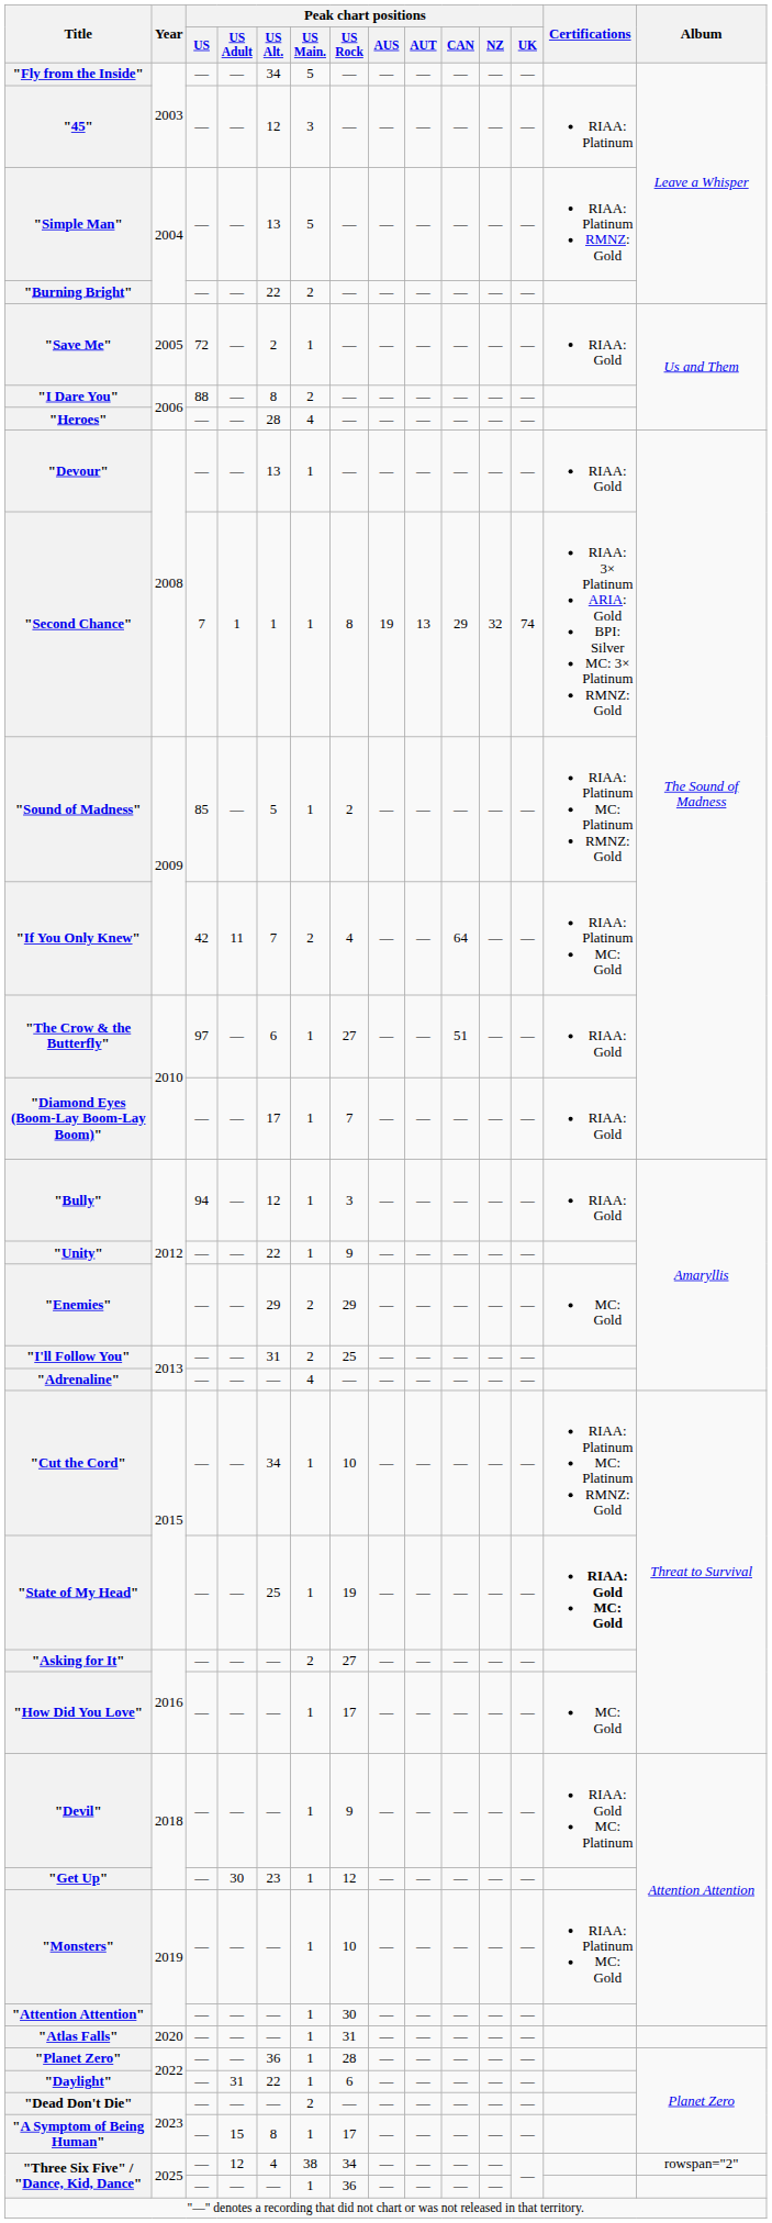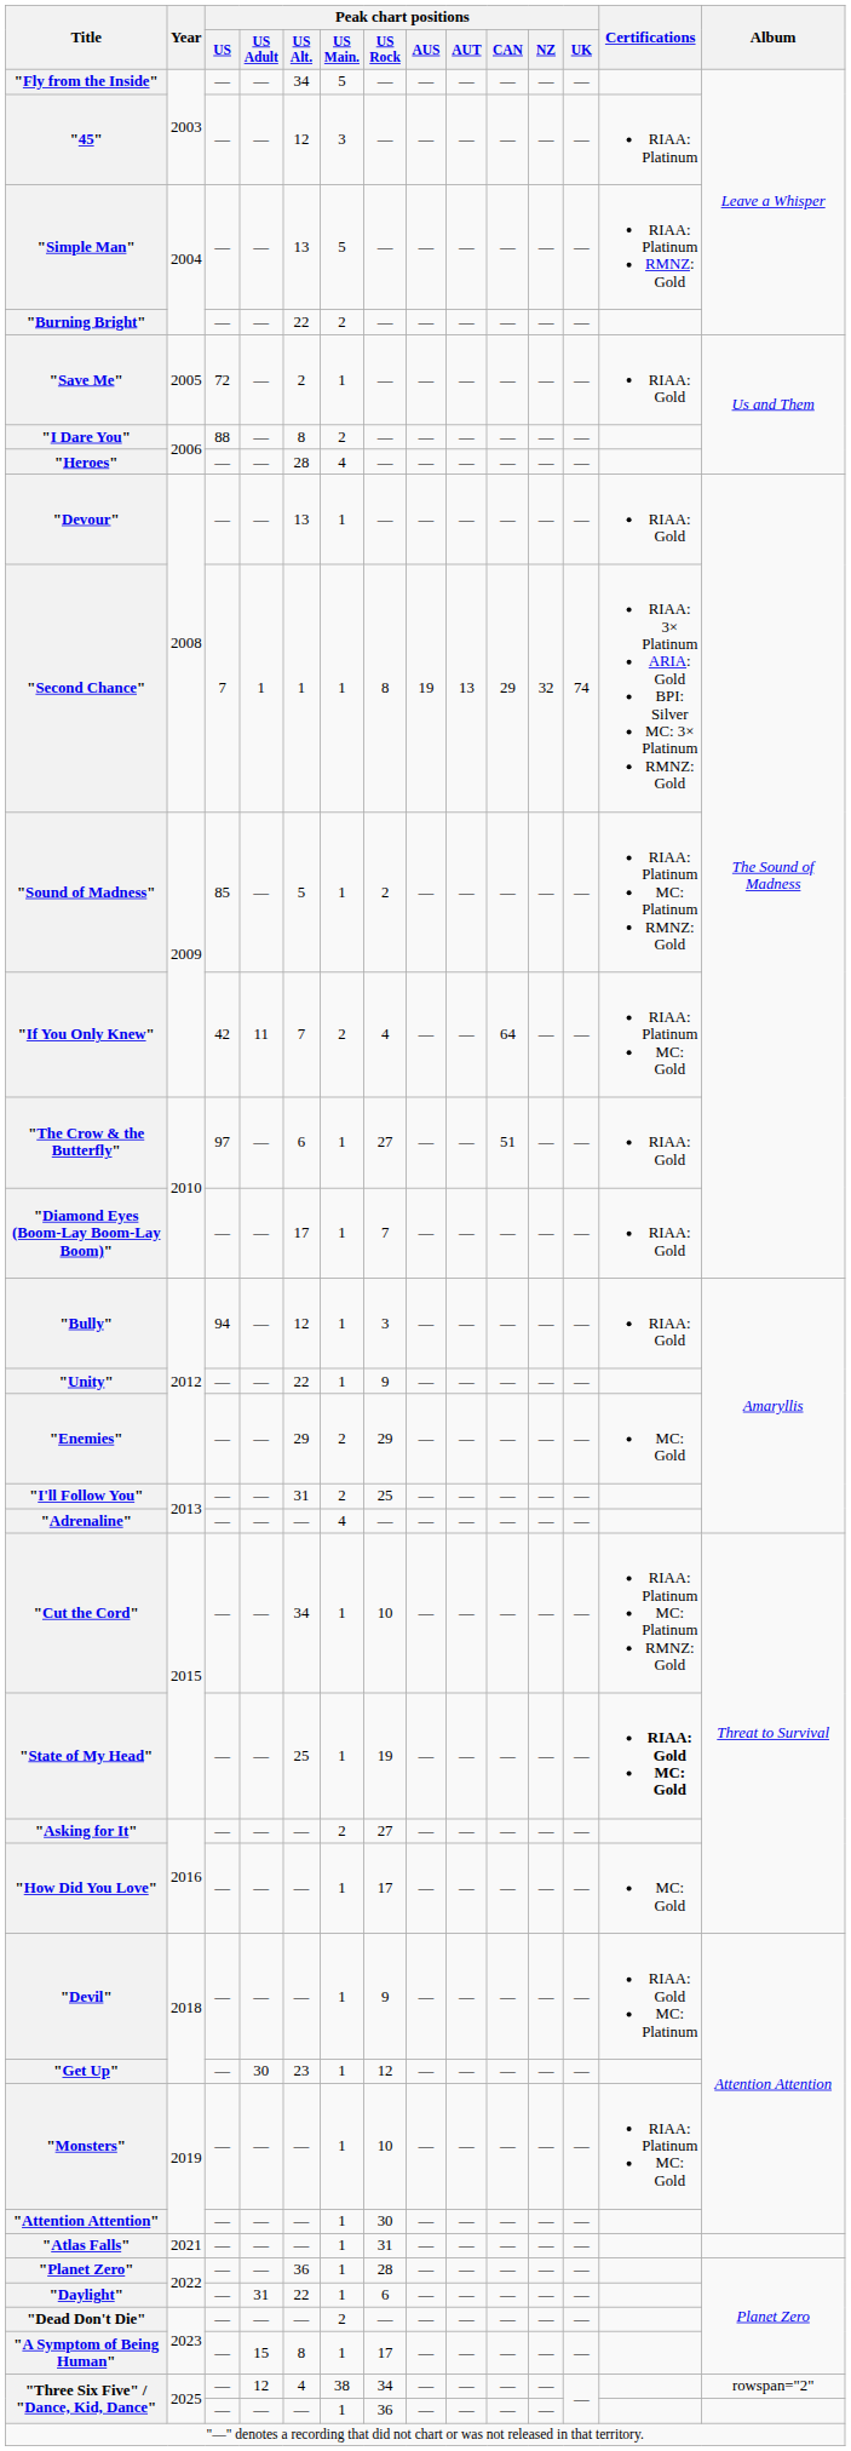 <table class="wikitable plainrowheaders" style="text-align:center;">
 <tr>
 <th scope="col" rowspan="2" style="width:16em;">Title</th>
 <th scope="col" rowspan="2" style="width:1em;">Year</th>
 <th scope="col" colspan="10">Peak chart positions</th>
 <th scope="col" rowspan="2"><a href='#'>Certifications</a></th>
 <th scope="col" rowspan="2" style="width:14em;">Album</th>
 </tr>
 <tr>
 <th scope="col" style="width:3em;font-size:90%;"><a href='#'>US</a><br></th>
 <th scope="col" style="width:3em;font-size:90%;"><a href='#'>US<br>Adult</a><br></th>
 <th scope="col" style="width:3em;font-size:90%;"><a href='#'>US<br>Alt.</a><br></th>
 <th scope="col" style="width:3em;font-size:90%;"><a href='#'>US<br>Main.</a><br></th>
 <th scope="col" style="width:3em;font-size:90%;"><a href='#'>US<br>Rock</a><br></th>
 <th scope="col" style="width:3em;font-size:90%;"><a href='#'>AUS</a><br></th>
 <th scope="col" style="width:3em;font-size:90%;"><a href='#'>AUT</a><br></th>
 <th scope="col" style="width:3em;font-size:90%;"><a href='#'>CAN</a><br></th>
 <th scope="col" style="width:3em;font-size:90%;"><a href='#'>NZ</a><br></th>
 <th scope="col" style="width:3em;font-size:90%;"><a href='#'>UK</a><br></th>
 </tr>
 <tr>
 <th scope="row">"<a href='#'>Fly from the Inside</a>"</th>
 <td rowspan="2">2003</td>
 <td>—</td>
 <td>—</td>
 <td>34</td>
 <td>5</td>
 <td>—</td>
 <td>—</td>
 <td>—</td>
 <td>—</td>
 <td>—</td>
 <td>—</td>
 <td></td>
 <td rowspan="4"><em><a href='#'>Leave a Whisper</a></em></td>
 </tr>
 <tr>
 <th scope="row">"<a href='#'>45</a>"</th>
 <td>—</td>
 <td>—</td>
 <td>12</td>
 <td>3</td>
 <td>—</td>
 <td>—</td>
 <td>—</td>
 <td>—</td>
 <td>—</td>
 <td>—</td>
 <td><br><ul><li>RIAA: Platinum</li></ul></td>
 </tr>
 <tr>
 <th scope="row">"<a href='#'>Simple Man</a>"</th>
 <td rowspan="2">2004</td>
 <td>—</td>
 <td>—</td>
 <td>13</td>
 <td>5</td>
 <td>—</td>
 <td>—</td>
 <td>—</td>
 <td>—</td>
 <td>—</td>
 <td>—</td>
 <td><br><ul><li>RIAA: Platinum</li><li><a href='#'>RMNZ</a>: Gold</li></ul></td>
 </tr>
 <tr>
 <th scope="row">"<a href='#'>Burning Bright</a>"</th>
 <td>—</td>
 <td>—</td>
 <td>22</td>
 <td>2</td>
 <td>—</td>
 <td>—</td>
 <td>—</td>
 <td>—</td>
 <td>—</td>
 <td>—</td>
 <td></td>
 </tr>
 <tr>
 <th scope="row">"<a href='#'>Save Me</a>"</th>
 <td>2005</td>
 <td>72</td>
 <td>—</td>
 <td>2</td>
 <td>1</td>
 <td>—</td>
 <td>—</td>
 <td>—</td>
 <td>—</td>
 <td>—</td>
 <td>—</td>
 <td><br><ul><li>RIAA: Gold</li></ul></td>
 <td rowspan="3"><em><a href='#'>Us and Them</a></em></td>
 </tr>
 <tr>
 <th scope="row">"<a href='#'>I Dare You</a>"</th>
 <td rowspan="2">2006</td>
 <td>88</td>
 <td>—</td>
 <td>8</td>
 <td>2</td>
 <td>—</td>
 <td>—</td>
 <td>—</td>
 <td>—</td>
 <td>—</td>
 <td>—</td>
 <td></td>
 </tr>
 <tr>
 <th scope="row">"<a href='#'>Heroes</a>"</th>
 <td>—</td>
 <td>—</td>
 <td>28</td>
 <td>4</td>
 <td>—</td>
 <td>—</td>
 <td>—</td>
 <td>—</td>
 <td>—</td>
 <td>—</td>
 <td></td>
 </tr>
 <tr>
 <th scope="row">"<a href='#'>Devour</a>"</th>
 <td rowspan="2">2008</td>
 <td>—</td>
 <td>—</td>
 <td>13</td>
 <td>1</td>
 <td>—</td>
 <td>—</td>
 <td>—</td>
 <td>—</td>
 <td>—</td>
 <td>—</td>
 <td><br><ul><li>RIAA: Gold</li></ul></td>
 <td rowspan="6"><em><a href='#'>The Sound of Madness</a></em></td>
 </tr>
 <tr>
 <th scope="row">"<a href='#'>Second Chance</a>"</th>
 <td>7</td>
 <td>1</td>
 <td>1</td>
 <td>1</td>
 <td>8</td>
 <td>19</td>
 <td>13</td>
 <td>29</td>
 <td>32</td>
 <td>74</td>
 <td><br><ul><li>RIAA: 3× Platinum</li><li><a href='#'>ARIA</a>: Gold</li><li>BPI: Silver</li><li>MC: 3× Platinum</li><li>RMNZ: Gold</li></ul></td>
 </tr>
 <tr>
 <th scope="row">"<a href='#'>Sound of Madness</a>"</th>
 <td rowspan="2">2009</td>
 <td>85</td>
 <td>—</td>
 <td>5</td>
 <td>1</td>
 <td>2</td>
 <td>—</td>
 <td>—</td>
 <td>—</td>
 <td>—</td>
 <td>—</td>
 <td><br><ul><li>RIAA: Platinum</li><li>MC: Platinum</li><li>RMNZ: Gold</li></ul></td>
 </tr>
 <tr>
 <th scope="row">"<a href='#'>If You Only Knew</a>"</th>
 <td>42</td>
 <td>11</td>
 <td>7</td>
 <td>2</td>
 <td>4</td>
 <td>—</td>
 <td>—</td>
 <td>64</td>
 <td>—</td>
 <td>—</td>
 <td><br><ul><li>RIAA: Platinum</li><li>MC: Gold</li></ul></td>
 </tr>
 <tr>
 <th scope="row">"<a href='#'>The Crow & the Butterfly</a>"</th>
 <td rowspan="2">2010</td>
 <td>97</td>
 <td>—</td>
 <td>6</td>
 <td>1</td>
 <td>27</td>
 <td>—</td>
 <td>—</td>
 <td>51</td>
 <td>—</td>
 <td>—</td>
 <td><br><ul><li>RIAA: Gold</li></ul></td>
 </tr>
 <tr>
 <th scope="row">"<a href='#'>Diamond Eyes (Boom-Lay Boom-Lay Boom)</a>"</th>
 <td>—</td>
 <td>—</td>
 <td>17</td>
 <td>1</td>
 <td>7</td>
 <td>—</td>
 <td>—</td>
 <td>—</td>
 <td>—</td>
 <td>—</td>
 <td><br><ul><li>RIAA: Gold</li></ul></td>
 </tr>
 <tr>
 <th scope="row">"<a href='#'>Bully</a>"</th>
 <td rowspan="3">2012</td>
 <td>94</td>
 <td>—</td>
 <td>12</td>
 <td>1</td>
 <td>3</td>
 <td>—</td>
 <td>—</td>
 <td>—</td>
 <td>—</td>
 <td>—</td>
 <td><br><ul><li>RIAA: Gold</li></ul></td>
 <td rowspan="5"><em><a href='#'>Amaryllis</a></em></td>
 </tr>
 <tr>
 <th scope="row">"<a href='#'>Unity</a>"</th>
 <td>—</td>
 <td>—</td>
 <td>22</td>
 <td>1</td>
 <td>9</td>
 <td>—</td>
 <td>—</td>
 <td>—</td>
 <td>—</td>
 <td>—</td>
 <td></td>
 </tr>
 <tr>
 <th scope="row">"<a href='#'>Enemies</a>"</th>
 <td>—</td>
 <td>—</td>
 <td>29</td>
 <td>2</td>
 <td>29</td>
 <td>—</td>
 <td>—</td>
 <td>—</td>
 <td>—</td>
 <td>—</td>
 <td><br><ul><li>MC: Gold</li></ul></td>
 </tr>
 <tr>
 <th scope="row">"<a href='#'>I'll Follow You</a>"</th>
 <td rowspan="2">2013</td>
 <td>—</td>
 <td>—</td>
 <td>31</td>
 <td>2</td>
 <td>25</td>
 <td>—</td>
 <td>—</td>
 <td>—</td>
 <td>—</td>
 <td>—</td>
 <td></td>
 </tr>
 <tr>
 <th scope="row">"<a href='#'>Adrenaline</a>"</th>
 <td>—</td>
 <td>—</td>
 <td>—</td>
 <td>4</td>
 <td>—</td>
 <td>—</td>
 <td>—</td>
 <td>—</td>
 <td>—</td>
 <td>—</td>
 <td></td>
 </tr>
 <tr>
 <th scope="row">"<a href='#'>Cut the Cord</a>"</th>
 <td rowspan="2">2015</td>
 <td>—</td>
 <td>—</td>
 <td>34</td>
 <td>1</td>
 <td>10</td>
 <td>—</td>
 <td>—</td>
 <td>—</td>
 <td>—</td>
 <td>—</td>
 <td><br><ul><li>RIAA: Platinum</li><li>MC: Platinum</li><li>RMNZ: Gold</li></ul></td>
 <td rowspan="4"><em><a href='#'>Threat to Survival</a></em></td>
 </tr>
 <tr>
 <th scope="row">"<a href='#'>State of My Head</a>"</th>
 <td>—</td>
 <td>—</td>
 <td>25</td>
 <td>1</td>
 <td>19</td>
 <td>—</td>
 <td>—</td>
 <td>—</td>
 <td>—</td>
 <td>—</td>
 <td><strong><br><ul><li>RIAA: Gold</li><li>MC: Gold</li></ul></strong></td>
 </tr>
 <tr>
 <th scope="row">"<a href='#'>Asking for It</a>"</th>
 <td rowspan="2">2016</td>
 <td>—</td>
 <td>—</td>
 <td>—</td>
 <td>2</td>
 <td>27</td>
 <td>—</td>
 <td>—</td>
 <td>—</td>
 <td>—</td>
 <td>—</td>
 <td></td>
 </tr>
 <tr>
 <th scope="row">"<a href='#'>How Did You Love</a>"</th>
 <td>—</td>
 <td>—</td>
 <td>—</td>
 <td>1</td>
 <td>17</td>
 <td>—</td>
 <td>—</td>
 <td>—</td>
 <td>—</td>
 <td>—</td>
 <td><br><ul><li>MC: Gold</li></ul></td>
 </tr>
 <tr>
 <th scope="row">"<a href='#'>Devil</a>"</th>
 <td rowspan="2">2018</td>
 <td>—</td>
 <td>—</td>
 <td>—</td>
 <td>1</td>
 <td>9</td>
 <td>—</td>
 <td>—</td>
 <td>—</td>
 <td>—</td>
 <td>—</td>
 <td><br><ul><li>RIAA: Gold</li><li>MC: Platinum</li></ul></td>
 <td rowspan="4"><em><a href='#'>Attention Attention</a></em></td>
 </tr>
 <tr>
 <th scope="row">"<a href='#'>Get Up</a>"</th>
 <td>—</td>
 <td>30</td>
 <td>23</td>
 <td>1</td>
 <td>12</td>
 <td>—</td>
 <td>—</td>
 <td>—</td>
 <td>—</td>
 <td>—</td>
 <td></td>
 </tr>
 <tr>
 <th scope="row">"<a href='#'>Monsters</a>"</th>
 <td rowspan="2">2019</td>
 <td>—</td>
 <td>—</td>
 <td>—</td>
 <td>1</td>
 <td>10</td>
 <td>—</td>
 <td>—</td>
 <td>—</td>
 <td>—</td>
 <td>—</td>
 <td><br><ul><li>RIAA: Platinum</li><li>MC: Gold</li></ul></td>
 </tr>
 <tr>
 <th scope="row">"<a href='#'>Attention Attention</a>"</th>
 <td>—</td>
 <td>—</td>
 <td>—</td>
 <td>1</td>
 <td>30</td>
 <td>—</td>
 <td>—</td>
 <td>—</td>
 <td>—</td>
 <td>—</td>
 <td></td>
 </tr>
 <tr>
 <th scope="row">"<a href='#'>Atlas Falls</a>"</th>
-<td>2020</td>
+<td>2021</td>
 <td>—</td>
 <td>—</td>
 <td>—</td>
 <td>1</td>
 <td>31</td>
 <td>—</td>
 <td>—</td>
 <td>—</td>
 <td>—</td>
 <td>—</td>
 <td></td>
 <td></td>
 </tr>
 <tr>
 <th scope="row">"<a href='#'>Planet Zero</a>"</th>
 <td rowspan="2">2022</td>
 <td>—</td>
 <td>—</td>
 <td>36</td>
 <td>1</td>
 <td>28</td>
 <td>—</td>
 <td>—</td>
 <td>—</td>
 <td>—</td>
 <td>—</td>
 <td></td>
 <td rowspan="4"><em><a href='#'>Planet Zero</a></em></td>
 </tr>
 <tr>
 <th scope="row">"<a href='#'>Daylight</a>"</th>
 <td>—</td>
 <td>31</td>
 <td>22</td>
 <td>1</td>
 <td>6</td>
 <td>—</td>
 <td>—</td>
 <td>—</td>
 <td>—</td>
 <td>—</td>
 <td></td>
 </tr>
 <tr>
 <th scope="row">"Dead Don't Die"</th>
 <td rowspan="2">2023</td>
 <td>—</td>
 <td>—</td>
 <td>—</td>
 <td>2</td>
 <td>—</td>
 <td>—</td>
 <td>—</td>
 <td>—</td>
 <td>—</td>
 <td>—</td>
 <td></td>
 </tr>
 <tr>
 <th scope="row">"<a href='#'>A Symptom of Being Human</a>"</th>
 <td>—</td>
 <td>15</td>
 <td>8</td>
 <td>1</td>
 <td>17</td>
 <td>—</td>
 <td>—</td>
 <td>—</td>
 <td>—</td>
 <td>—</td>
 <td></td>
 </tr>
 <tr>
 <th scope="row" rowspan="2">"Three Six Five" / "<a href='#'>Dance, Kid, Dance</a>"</th>
 <td rowspan="2">2025</td>
 <td>—</td>
 <td>12</td>
 <td>4</td>
 <td>38</td>
 <td>34</td>
 <td>—</td>
 <td>—</td>
 <td>—</td>
 <td>—</td>
 <td rowspan="2">—</td>
 <td></td>
 <td>rowspan="2" </td>
 </tr>
 <tr>
 <td>—</td>
 <td>—</td>
 <td>—</td>
 <td>1</td>
 <td>36</td>
 <td>—</td>
 <td>—</td>
 <td>—</td>
 <td>—</td>
 <td></td>
 </tr>
 <tr>
 <td colspan="15" style="font-size:90%">"—" denotes a recording that did not chart or was not released in that territory.</td>
 </tr>
 </table>
